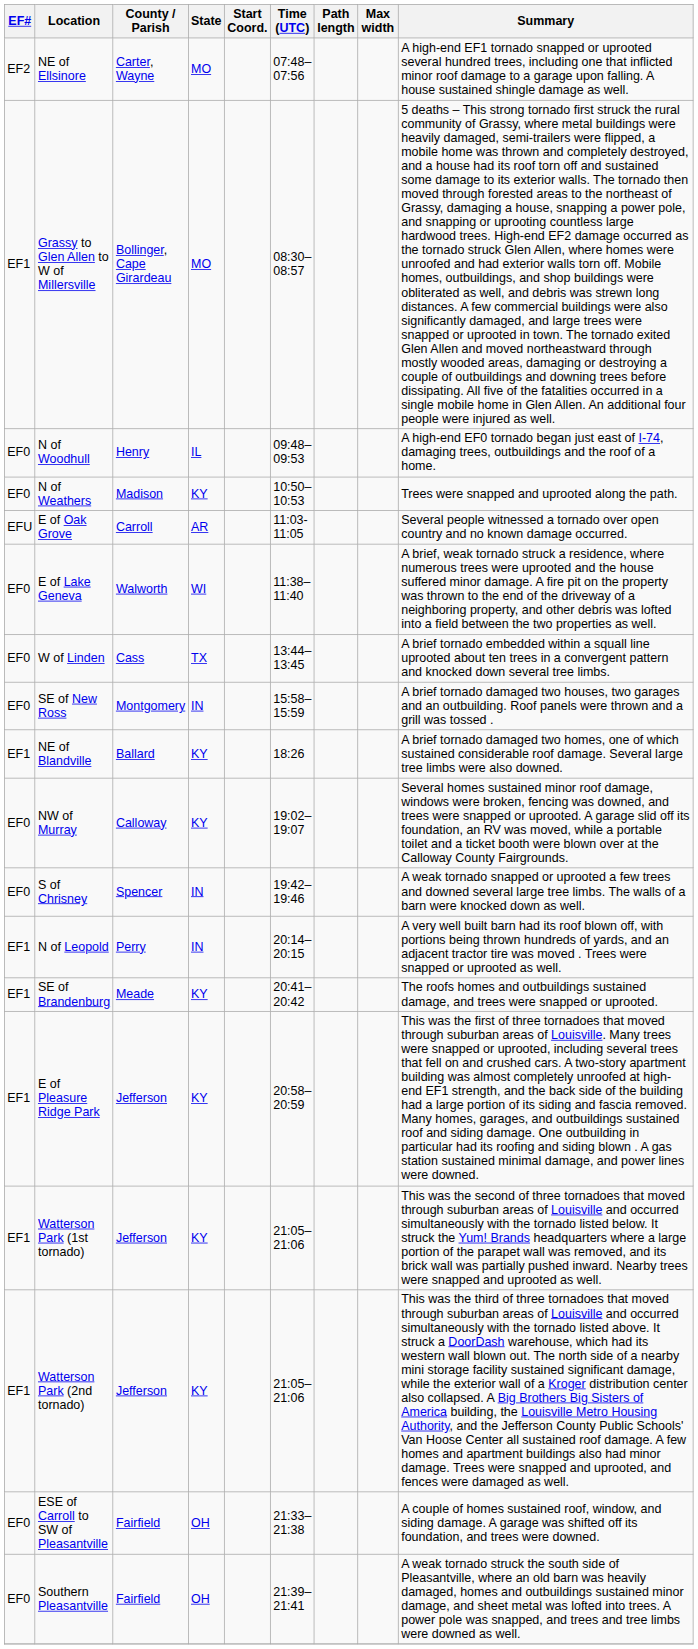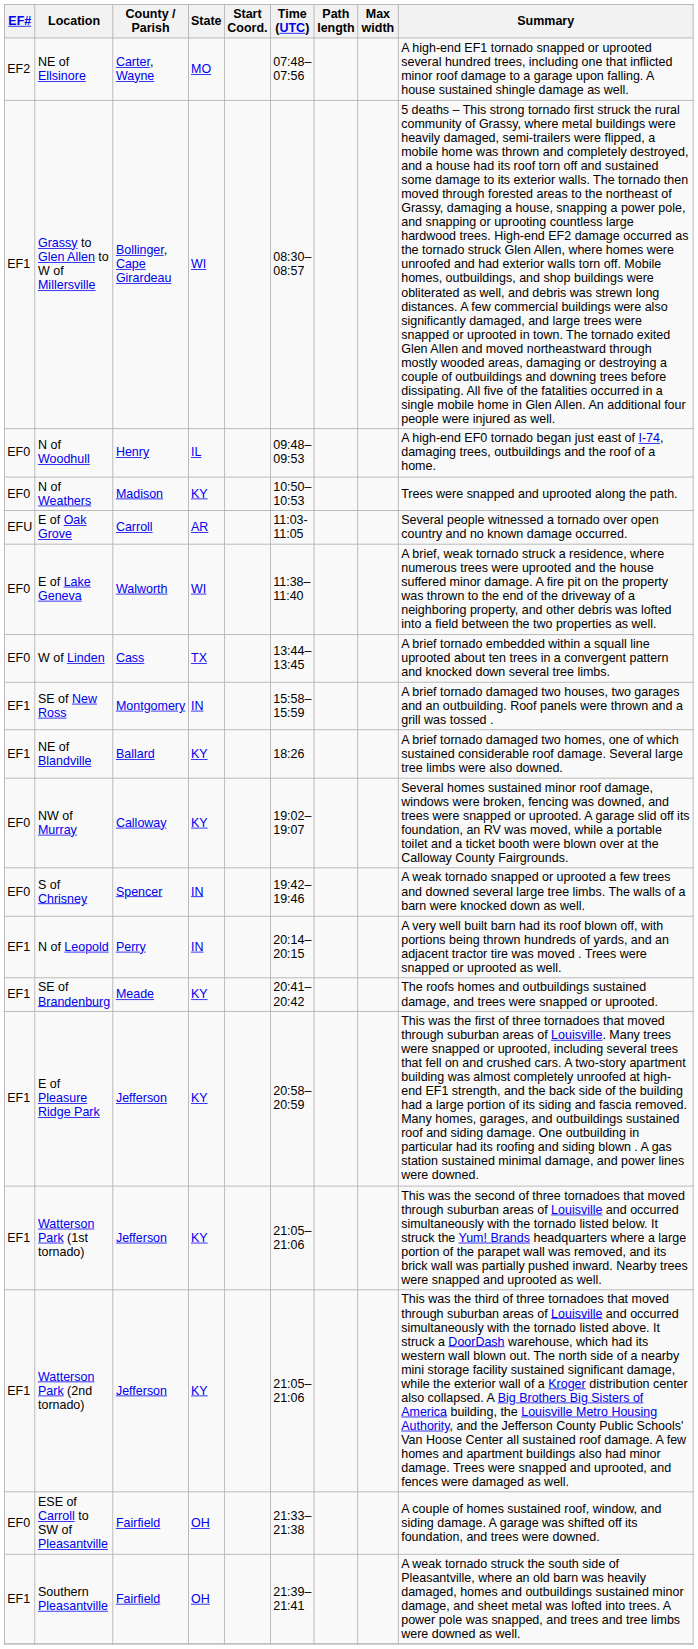 <table class="wikitable sortable" style="width:100%;">
 <tr>
 <th scope="col" style="width:3%; text-align:center;"><a href='#'>EF#</a></th>
 <th scope="col" style="width:7%; text-align:center;" class="unsortable">Location</th>
 <th scope="col" style="width:6%; text-align:center;" class="unsortable">County / Parish</th>
 <th scope="col" style="width:5%; text-align:center;">State</th>
 <th scope="col" style="width:6%; text-align:center;">Start Coord.</th>
 <th scope="col" style="width:6%; text-align:center;">Time (<a href='#'>UTC</a>)</th>
 <th scope="col" style="width:6%; text-align:center;">Path length</th>
 <th scope="col" style="width:6%; text-align:center;">Max width</th>
 <th scope="col" class="unsortable" style="width:48%; text-align:center;">Summary</th>
 </tr>
 <tr>
 <td>EF2</td>
 <td>NE of <a href='#'>Ellsinore</a></td>
 <td><a href='#'>Carter</a>, <a href='#'>Wayne</a></td>
 <td><a href='#'>MO</a></td>
 <td></td>
 <td>07:48–07:56</td>
 <td></td>
 <td></td>
 <td>A high-end EF1 tornado snapped or uprooted several hundred trees, including one that inflicted minor roof damage to a garage upon falling. A house sustained shingle damage as well.</td>
 </tr>
 <tr>
 <td>EF1</td>
 <td><a href='#'>Grassy</a> to <a href='#'>Glen Allen</a> to W of <a href='#'>Millersville</a></td>
 <td><a href='#'>Bollinger</a>, <a href='#'>Cape Girardeau</a></td>
-<td><a href='#'>MO</a></td>
+<td><a href='#'>WI</a></td>
 <td></td>
 <td>08:30–08:57</td>
 <td></td>
 <td></td>
 <td>5 deaths – This strong tornado first struck the rural community of Grassy, where metal buildings were heavily damaged, semi-trailers were flipped, a mobile home was thrown  and completely destroyed, and a house had its roof torn off and sustained some damage to its exterior walls. The tornado then moved through forested areas to the northeast of Grassy, damaging a house, snapping a power pole, and snapping or uprooting countless large hardwood trees. High-end EF2 damage occurred as the tornado struck Glen Allen, where homes were unroofed and had exterior walls torn off. Mobile homes, outbuildings, and shop buildings were obliterated as well, and debris was strewn long distances. A few commercial buildings were also significantly damaged, and large trees were snapped or uprooted in town. The tornado exited Glen Allen and moved northeastward through mostly wooded areas, damaging or destroying a couple of outbuildings and downing trees before dissipating. All five of the fatalities occurred in a single mobile home in Glen Allen. An additional four people were injured as well.</td>
 </tr>
 <tr>
 <td>EF0</td>
 <td>N of <a href='#'>Woodhull</a></td>
 <td><a href='#'>Henry</a></td>
 <td><a href='#'>IL</a></td>
 <td></td>
 <td>09:48–09:53</td>
 <td></td>
 <td></td>
 <td>A high-end EF0 tornado began just east of <a href='#'>I-74</a>, damaging trees, outbuildings and the roof of a home.</td>
 </tr>
 <tr>
 <td>EF0</td>
 <td>N of <a href='#'>Weathers</a></td>
 <td><a href='#'>Madison</a></td>
 <td><a href='#'>KY</a></td>
 <td></td>
 <td>10:50–10:53</td>
 <td></td>
 <td></td>
 <td>Trees were snapped and uprooted along the path.</td>
 </tr>
 <tr>
 <td>EFU</td>
 <td>E of <a href='#'>Oak Grove</a></td>
 <td><a href='#'>Carroll</a></td>
 <td><a href='#'>AR</a></td>
 <td></td>
 <td>11:03-11:05</td>
 <td></td>
 <td></td>
 <td>Several people witnessed a tornado over open country and no known damage occurred.</td>
 </tr>
 <tr>
 <td>EF0</td>
 <td>E of <a href='#'>Lake Geneva</a></td>
 <td><a href='#'>Walworth</a></td>
 <td><a href='#'>WI</a></td>
 <td></td>
 <td>11:38–11:40</td>
 <td></td>
 <td></td>
 <td>A brief, weak tornado struck a residence, where numerous trees were uprooted and the house suffered minor damage. A fire pit on the property was thrown to the end of the driveway of a neighboring property, and other debris was lofted into a field between the two properties as well.</td>
 </tr>
 <tr>
 <td>EF0</td>
 <td>W of <a href='#'>Linden</a></td>
 <td><a href='#'>Cass</a></td>
 <td><a href='#'>TX</a></td>
 <td></td>
 <td>13:44–13:45</td>
 <td></td>
 <td></td>
 <td>A brief tornado embedded within a squall line uprooted about ten trees in a convergent pattern and knocked down several tree limbs.</td>
 </tr>
 <tr>
-<td>EF0</td>
+<td>EF1</td>
 <td>SE of <a href='#'>New Ross</a></td>
 <td><a href='#'>Montgomery</a></td>
 <td><a href='#'>IN</a></td>
 <td></td>
 <td>15:58–15:59</td>
 <td></td>
 <td></td>
 <td>A brief tornado damaged two houses, two garages and an outbuilding. Roof panels were thrown  and a grill was tossed .</td>
 </tr>
 <tr>
 <td>EF1</td>
 <td>NE of <a href='#'>Blandville</a></td>
 <td><a href='#'>Ballard</a></td>
 <td><a href='#'>KY</a></td>
 <td></td>
 <td>18:26</td>
 <td></td>
 <td></td>
 <td>A brief tornado damaged two homes, one of which sustained considerable roof damage. Several large tree limbs were also downed.</td>
 </tr>
 <tr>
 <td>EF0</td>
 <td>NW of <a href='#'>Murray</a></td>
 <td><a href='#'>Calloway</a></td>
 <td><a href='#'>KY</a></td>
 <td></td>
 <td>19:02–19:07</td>
 <td></td>
 <td></td>
 <td>Several homes sustained minor roof damage, windows were broken, fencing was downed, and trees were snapped or uprooted. A garage slid off its foundation, an RV was moved, while a portable toilet and a ticket booth were blown over at the Calloway County Fairgrounds.</td>
 </tr>
 <tr>
 <td>EF0</td>
 <td>S of <a href='#'>Chrisney</a></td>
 <td><a href='#'>Spencer</a></td>
 <td><a href='#'>IN</a></td>
 <td></td>
 <td>19:42–19:46</td>
 <td></td>
 <td></td>
 <td>A weak tornado snapped or uprooted a few trees and downed several large tree limbs. The walls of a barn were knocked down as well.</td>
 </tr>
 <tr>
 <td>EF1</td>
 <td>N of <a href='#'>Leopold</a></td>
 <td><a href='#'>Perry</a></td>
 <td><a href='#'>IN</a></td>
 <td></td>
 <td>20:14–20:15</td>
 <td></td>
 <td></td>
 <td>A very well built barn had its roof blown off, with portions being thrown hundreds of yards, and an adjacent tractor tire was moved . Trees were snapped or uprooted as well.</td>
 </tr>
 <tr>
 <td>EF1</td>
 <td>SE of <a href='#'>Brandenburg</a></td>
 <td><a href='#'>Meade</a></td>
 <td><a href='#'>KY</a></td>
 <td></td>
 <td>20:41–20:42</td>
 <td></td>
 <td></td>
 <td>The roofs homes and outbuildings sustained damage, and trees were snapped or uprooted.</td>
 </tr>
 <tr>
 <td>EF1</td>
 <td>E of <a href='#'>Pleasure Ridge Park</a></td>
 <td><a href='#'>Jefferson</a></td>
 <td><a href='#'>KY</a></td>
 <td></td>
 <td>20:58–20:59</td>
 <td></td>
 <td></td>
 <td>This was the first of three tornadoes that moved through suburban areas of <a href='#'>Louisville</a>. Many trees were snapped or uprooted, including several trees that fell on and crushed cars. A two-story apartment building was almost completely unroofed at high-end EF1 strength, and the back side of the building had a large portion of its siding and fascia removed. Many homes, garages, and outbuildings sustained roof and siding damage. One outbuilding in particular had its roofing and siding blown . A gas station sustained minimal damage, and power lines were downed.</td>
 </tr>
 <tr>
 <td>EF1</td>
 <td><a href='#'>Watterson Park</a> (1st tornado)</td>
 <td><a href='#'>Jefferson</a></td>
 <td><a href='#'>KY</a></td>
 <td></td>
 <td>21:05–21:06</td>
 <td></td>
 <td></td>
 <td>This was the second of three tornadoes that moved through suburban areas of <a href='#'>Louisville</a> and occurred simultaneously with the tornado listed below. It struck the <a href='#'>Yum! Brands</a> headquarters where a large portion of the parapet wall was removed, and its brick wall was partially pushed inward. Nearby trees were snapped and uprooted as well.</td>
 </tr>
 <tr>
 <td>EF1</td>
 <td><a href='#'>Watterson Park</a> (2nd tornado)</td>
 <td><a href='#'>Jefferson</a></td>
 <td><a href='#'>KY</a></td>
 <td></td>
 <td>21:05–21:06</td>
 <td></td>
 <td></td>
 <td>This was the third of three tornadoes that moved through suburban areas of <a href='#'>Louisville</a> and occurred simultaneously with the tornado listed above. It struck a <a href='#'>DoorDash</a> warehouse, which had its western wall blown out. The north side of a nearby mini storage facility sustained significant damage, while the exterior wall of a <a href='#'>Kroger</a> distribution center also collapsed. A <a href='#'>Big Brothers Big Sisters of America</a> building, the <a href='#'>Louisville Metro Housing Authority</a>, and the Jefferson County Public Schools' Van Hoose Center all sustained roof damage. A few homes and apartment buildings also had minor damage. Trees were snapped and uprooted, and fences were damaged as well.</td>
 </tr>
 <tr>
 <td>EF0</td>
 <td>ESE of <a href='#'>Carroll</a> to SW of <a href='#'>Pleasantville</a></td>
 <td><a href='#'>Fairfield</a></td>
 <td><a href='#'>OH</a></td>
 <td></td>
 <td>21:33–21:38</td>
 <td></td>
 <td></td>
 <td>A couple of homes sustained roof, window, and siding damage. A garage was shifted off its foundation, and trees were downed.</td>
 </tr>
 <tr>
-<td>EF0</td>
+<td>EF1</td>
 <td>Southern <a href='#'>Pleasantville</a></td>
 <td><a href='#'>Fairfield</a></td>
 <td><a href='#'>OH</a></td>
 <td></td>
 <td>21:39–21:41</td>
 <td></td>
 <td></td>
 <td>A weak tornado struck the south side of Pleasantville, where an old barn was heavily damaged, homes and outbuildings sustained minor damage, and sheet metal was lofted into trees. A power pole was snapped, and trees and tree limbs were downed as well.</td>
 </tr>
 <tr>
 </tr>
 </table>
